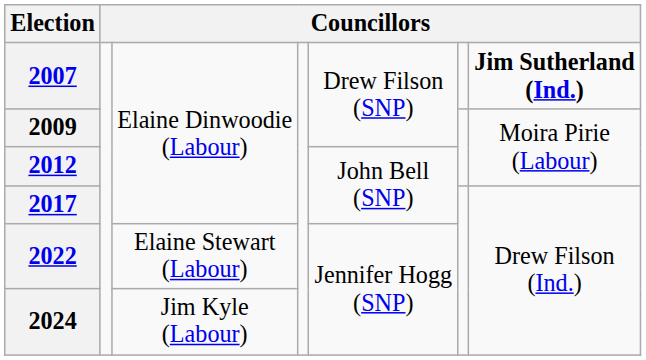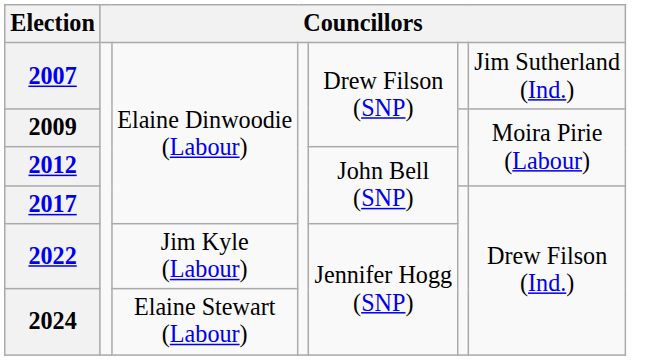 <table class="wikitable" style="text-align:center">
 <tr>
 <th>Election</th>
 <th colspan=8>Councillors</th>
 </tr>
 <tr>
 <th><a href='#'>2007</a></th>
 <td rowspan=6; style="background-color: "></td>
 <td rowspan=4>Elaine Dinwoodie<br>(<a href='#'>Labour</a>)</td>
 <td rowspan=6; style="background-color: "></td>
 <td rowspan=2>Drew Filson<br>(<a href='#'>SNP</a>)</td>
 <td rowspan=1; style="background-color: "></td>
-<td><strong>Jim Sutherland<br>(<a href='#'>Ind.</a>)</strong></td>
+<td>Jim Sutherland<br>(<a href='#'>Ind.</a>)</td>
 </tr>
 <tr>
 <th>2009</th>
 <td rowspan=2; style="background-color: "></td>
 <td rowspan=2>Moira Pirie<br>(<a href='#'>Labour</a>)</td>
 </tr>
 <tr>
 <th><a href='#'>2012</a></th>
 <td rowspan=2>John Bell<br>(<a href='#'>SNP</a>)</td>
 </tr>
 <tr>
 <th><a href='#'>2017</a></th>
 <td rowspan=3; style="background-color: "></td>
 <td rowspan=3>Drew Filson<br>(<a href='#'>Ind.</a>)</td>
 </tr>
 <tr>
 <th><a href='#'>2022</a></th>
-<td>Elaine Stewart<br>(<a href='#'>Labour</a>)</td>
+<td>Jim Kyle<br>(<a href='#'>Labour</a>)</td>
 <td rowspan=2>Jennifer Hogg<br>(<a href='#'>SNP</a>)</td>
 </tr>
 <tr>
 <th>2024</th>
-<td>Jim Kyle<br>(<a href='#'>Labour</a>)</td>
+<td>Elaine Stewart<br>(<a href='#'>Labour</a>)</td>
 </tr>
 </table>
